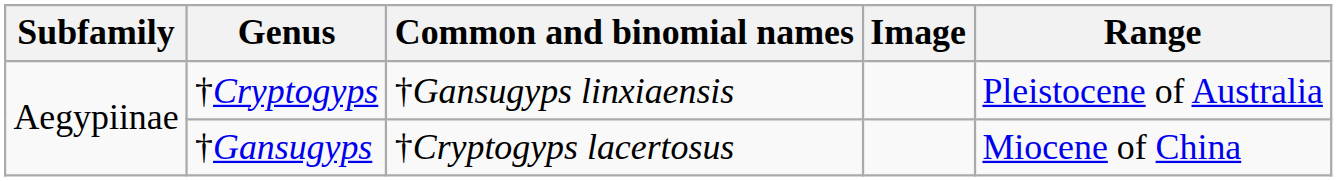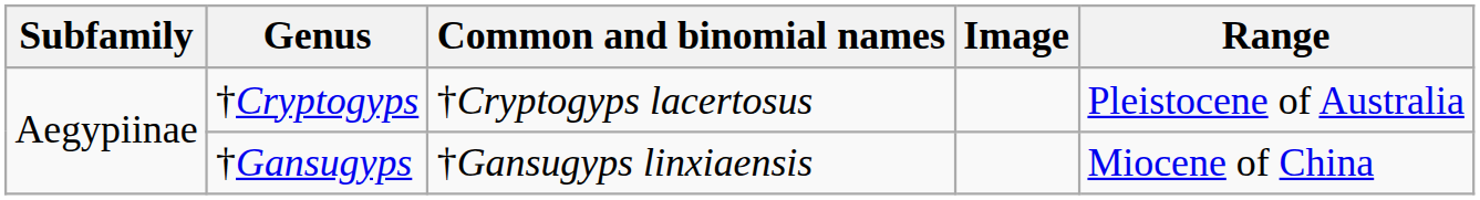 <table class="wikitable sortable">
 <tr>
 <th>Subfamily</th>
 <th>Genus</th>
 <th>Common and binomial names</th>
 <th>Image</th>
 <th>Range</th>
 </tr>
 <tr>
 <td rowspan="2">Aegypiinae</td>
 <td>†<em><a href='#'>Cryptogyps</a></em></td>
-<td>†<em>Gansugyps linxiaensis</em></td>
+<td>†<em>Cryptogyps lacertosus</em></td>
 <td></td>
 <td><a href='#'>Pleistocene</a> of <a href='#'>Australia</a></td>
 </tr>
 <tr>
 <td>†<em><a href='#'>Gansugyps</a></em></td>
-<td>†<em>Cryptogyps lacertosus</em></td>
+<td>†<em>Gansugyps linxiaensis</em></td>
 <td></td>
 <td><a href='#'>Miocene</a> of <a href='#'>China</a></td>
 </tr>
 </table>
